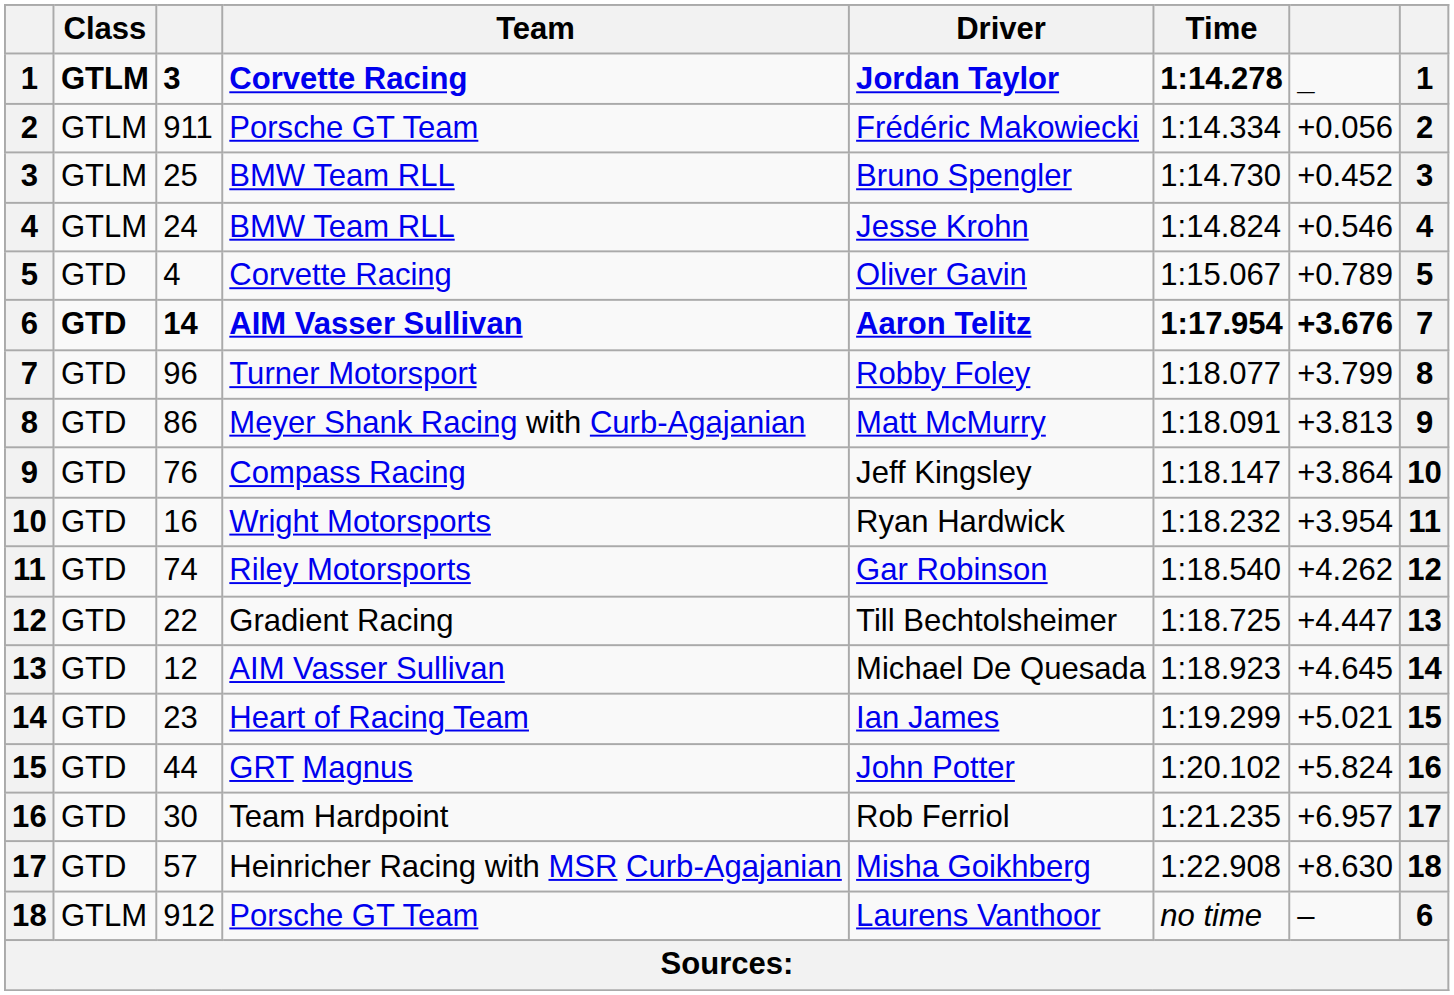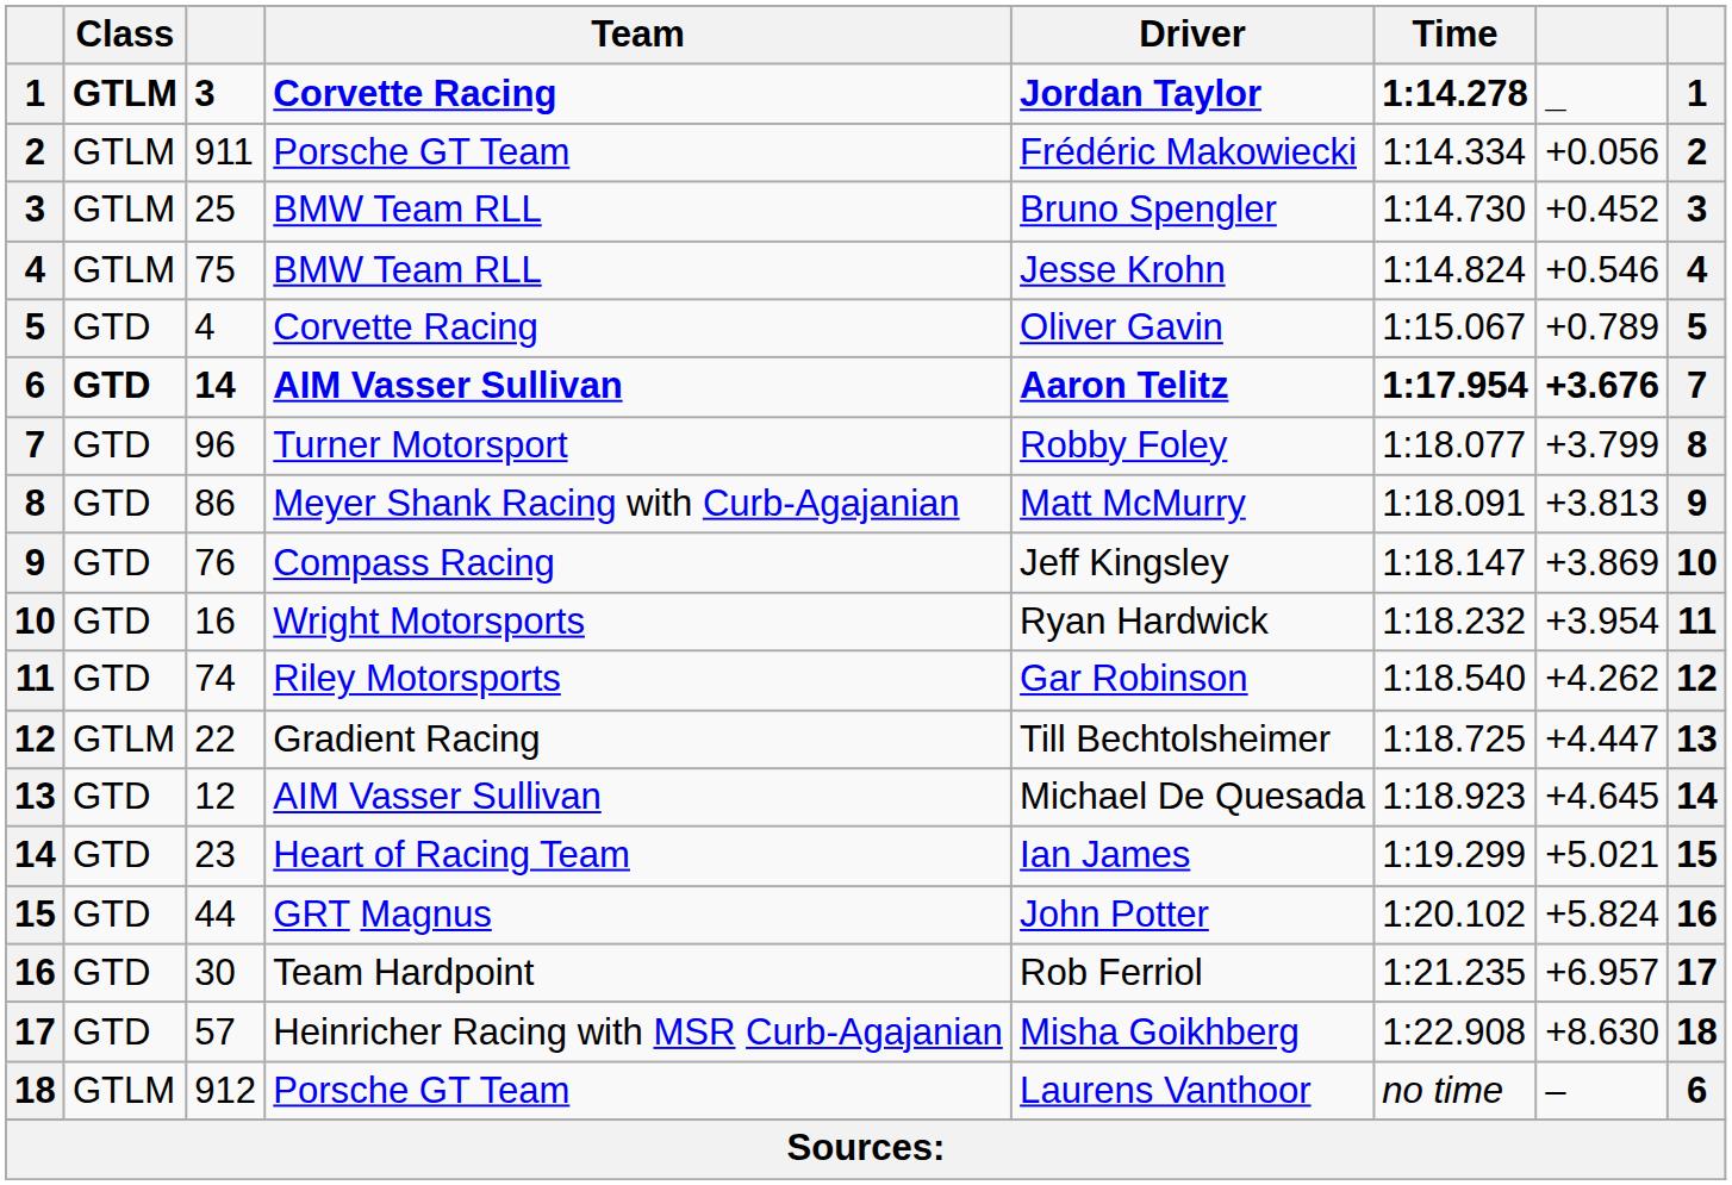 <table class="wikitable">
 <tr>
 <th scope="col"></th>
 <th scope="col">Class</th>
 <th scope="col"></th>
 <th scope="col">Team</th>
 <th scope="col">Driver</th>
 <th scope="col">Time</th>
 <th scope="col"></th>
 <th scope="col"></th>
 </tr>
 <tr style="font-weight:bold">
 <th scope="row">1</th>
 <td>GTLM</td>
 <td>3</td>
 <td> <a href='#'>Corvette Racing</a></td>
 <td> <a href='#'>Jordan Taylor</a></td>
 <td>1:14.278</td>
 <td>_</td>
 <th>1</th>
 </tr>
 <tr>
 <th scope="row">2</th>
 <td>GTLM</td>
 <td>911</td>
 <td> <a href='#'>Porsche GT Team</a></td>
 <td> <a href='#'>Frédéric Makowiecki</a></td>
 <td>1:14.334</td>
 <td>+0.056</td>
 <th>2</th>
 </tr>
 <tr>
 <th scope="row">3</th>
 <td>GTLM</td>
 <td>25</td>
 <td> <a href='#'>BMW Team RLL</a></td>
 <td> <a href='#'>Bruno Spengler</a></td>
 <td>1:14.730</td>
 <td>+0.452</td>
 <th>3</th>
 </tr>
 <tr>
 <th scope="row">4</th>
 <td>GTLM</td>
-<td>24</td>
+<td>75</td>
 <td> <a href='#'>BMW Team RLL</a></td>
 <td> <a href='#'>Jesse Krohn</a></td>
 <td>1:14.824</td>
 <td>+0.546</td>
 <th>4</th>
 </tr>
 <tr>
 <th scope="row">5</th>
 <td>GTD</td>
 <td>4</td>
 <td> <a href='#'>Corvette Racing</a></td>
 <td> <a href='#'>Oliver Gavin</a></td>
 <td>1:15.067</td>
 <td>+0.789</td>
 <th>5</th>
 </tr>
 <tr style="font-weight:bold">
 <th scope="row">6</th>
 <td>GTD</td>
 <td>14</td>
 <td> <a href='#'>AIM Vasser Sullivan</a></td>
 <td> <a href='#'>Aaron Telitz</a></td>
 <td>1:17.954</td>
 <td>+3.676</td>
 <th>7</th>
 </tr>
 <tr>
 <th scope="row">7</th>
 <td>GTD</td>
 <td>96</td>
 <td> <a href='#'>Turner Motorsport</a></td>
 <td> <a href='#'>Robby Foley</a></td>
 <td>1:18.077</td>
 <td>+3.799</td>
 <th>8</th>
 </tr>
 <tr>
 <th scope="row">8</th>
 <td>GTD</td>
 <td>86</td>
 <td> <a href='#'>Meyer Shank Racing</a> with <a href='#'>Curb-Agajanian</a></td>
 <td> <a href='#'>Matt McMurry</a></td>
 <td>1:18.091</td>
 <td>+3.813</td>
 <th>9</th>
 </tr>
 <tr>
 <th scope="row">9</th>
 <td>GTD</td>
 <td>76</td>
 <td> <a href='#'>Compass Racing</a></td>
 <td> Jeff Kingsley</td>
 <td>1:18.147</td>
-<td>+3.864</td>
+<td>+3.869</td>
 <th>10</th>
 </tr>
 <tr>
 <th scope="row">10</th>
 <td>GTD</td>
 <td>16</td>
 <td> <a href='#'>Wright Motorsports</a></td>
 <td> Ryan Hardwick</td>
 <td>1:18.232</td>
 <td>+3.954</td>
 <th>11</th>
 </tr>
 <tr>
 <th scope="row">11</th>
 <td>GTD</td>
 <td>74</td>
 <td> <a href='#'>Riley Motorsports</a></td>
 <td> <a href='#'>Gar Robinson</a></td>
 <td>1:18.540</td>
 <td>+4.262</td>
 <th>12</th>
 </tr>
 <tr>
 <th scope="row">12</th>
-<td>GTD</td>
+<td>GTLM</td>
 <td>22</td>
 <td> Gradient Racing</td>
 <td> Till Bechtolsheimer</td>
 <td>1:18.725</td>
 <td>+4.447</td>
 <th>13</th>
 </tr>
 <tr>
 <th scope="row">13</th>
 <td>GTD</td>
 <td>12</td>
 <td> <a href='#'>AIM Vasser Sullivan</a></td>
 <td> Michael De Quesada</td>
 <td>1:18.923</td>
 <td>+4.645</td>
 <th>14</th>
 </tr>
 <tr>
 <th scope="row">14</th>
 <td>GTD</td>
 <td>23</td>
 <td> <a href='#'>Heart of Racing Team</a></td>
 <td> <a href='#'>Ian James</a></td>
 <td>1:19.299</td>
 <td>+5.021</td>
 <th>15</th>
 </tr>
 <tr>
 <th scope="row">15</th>
 <td>GTD</td>
 <td>44</td>
 <td> <a href='#'>GRT</a> <a href='#'>Magnus</a></td>
 <td> <a href='#'>John Potter</a></td>
 <td>1:20.102</td>
 <td>+5.824</td>
 <th>16</th>
 </tr>
 <tr>
 <th scope="row">16</th>
 <td>GTD</td>
 <td>30</td>
 <td> Team Hardpoint</td>
 <td> Rob Ferriol</td>
 <td>1:21.235</td>
 <td>+6.957</td>
 <th>17</th>
 </tr>
 <tr>
 <th scope="row">17</th>
 <td>GTD</td>
 <td>57</td>
 <td> Heinricher Racing with <a href='#'>MSR</a> <a href='#'>Curb-Agajanian</a></td>
 <td> <a href='#'>Misha Goikhberg</a></td>
 <td>1:22.908</td>
 <td>+8.630</td>
 <th>18</th>
 </tr>
 <tr>
 <th scope="row">18</th>
 <td>GTLM</td>
 <td>912</td>
 <td> <a href='#'>Porsche GT Team</a></td>
 <td> <a href='#'>Laurens Vanthoor</a></td>
 <td><em>no time</em></td>
 <td>–</td>
 <th>6</th>
 </tr>
 <tr>
 <th colspan="8">Sources:</th>
 </tr>
 <tr>
 </tr>
 </table>
